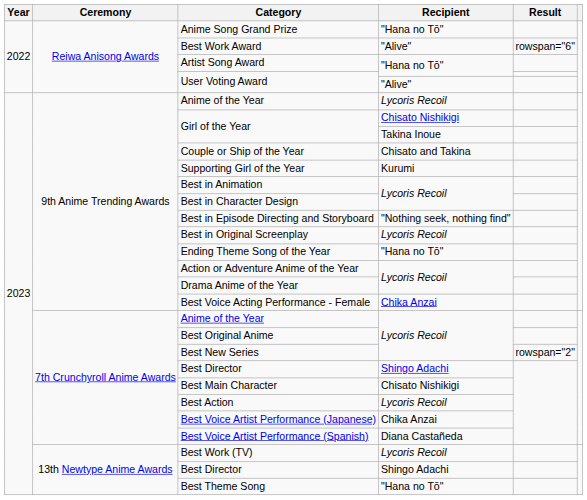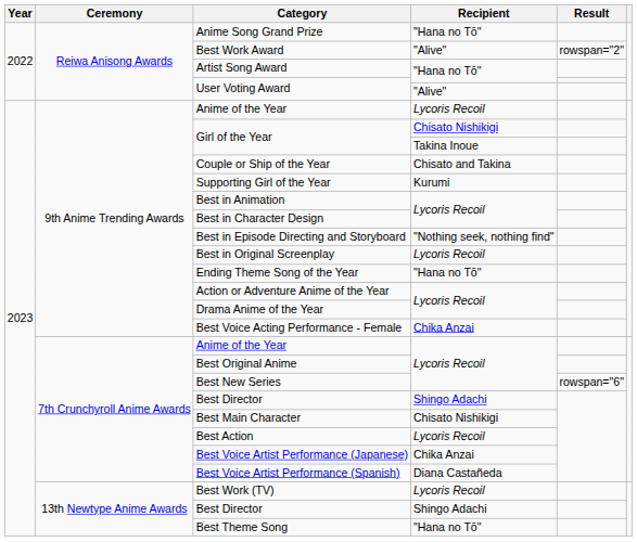 <table class="wikitable plainrowheaders sortable">
 <tr>
 <th scope="col">Year</th>
 <th scope="col">Ceremony</th>
 <th scope="col">Category</th>
 <th scope="col">Recipient</th>
 <th scope="col">Result</th>
 <th scope="col" class="unsortable"></th>
 </tr>
 <tr>
 <td rowspan="5" align="center">2022</td>
 <td rowspan="5" align="center"><a href='#'>Reiwa Anisong Awards</a></td>
 <td>Anime Song Grand Prize</td>
 <td>"Hana no Tō" </td>
 <td></td>
 <td rowspan="5" style="text-align:center;"></td>
 </tr>
 <tr>
 <td>Best Work Award</td>
 <td>"Alive" </td>
-<td>rowspan="6" </td>
+<td>rowspan="2" </td>
 </tr>
 <tr>
 <td>Artist Song Award</td>
 <td rowspan="2">"Hana no Tō" </td>
 </tr>
 <tr>
 <td rowspan="2">User Voting Award</td>
 <td></td>
 </tr>
 <tr>
 <td>"Alive" </td>
 <td></td>
 </tr>
 <tr>
 <td rowspan="25" align="center">2023</td>
 <td rowspan="13" align="center">9th Anime Trending Awards</td>
 <td>Anime of the Year</td>
 <td><em>Lycoris Recoil</em></td>
 <td></td>
 <td rowspan="13" style="text-align:center;"></td>
 </tr>
 <tr>
 <td rowspan="2">Girl of the Year</td>
 <td><a href='#'>Chisato Nishikigi</a></td>
 <td></td>
 </tr>
 <tr>
 <td>Takina Inoue</td>
 <td></td>
 </tr>
 <tr>
 <td>Couple or Ship of the Year</td>
 <td>Chisato and Takina</td>
 <td></td>
 </tr>
 <tr>
 <td>Supporting Girl of the Year</td>
 <td>Kurumi</td>
 <td></td>
 </tr>
 <tr>
 <td>Best in Animation</td>
 <td rowspan="2"><em>Lycoris Recoil</em></td>
 <td></td>
 </tr>
 <tr>
 <td>Best in Character Design</td>
 <td></td>
 </tr>
 <tr>
 <td>Best in Episode Directing and Storyboard</td>
 <td>"Nothing seek, nothing find"</td>
 <td></td>
 </tr>
 <tr>
 <td>Best in Original Screenplay</td>
 <td><em>Lycoris Recoil</em></td>
 <td></td>
 </tr>
 <tr>
 <td>Ending Theme Song of the Year</td>
 <td>"Hana no Tō" </td>
 <td></td>
 </tr>
 <tr>
 <td>Action or Adventure Anime of the Year</td>
 <td rowspan="2"><em>Lycoris Recoil</em></td>
 <td></td>
 </tr>
 <tr>
 <td>Drama Anime of the Year</td>
 <td></td>
 </tr>
 <tr>
 <td>Best Voice Acting Performance - Female</td>
 <td><a href='#'>Chika Anzai</a> </td>
 <td></td>
 </tr>
 <tr>
 <td rowspan="8" align="center"><a href='#'>7th Crunchyroll Anime Awards</a></td>
 <td><a href='#'>Anime of the Year</a></td>
 <td rowspan="3"><em>Lycoris Recoil</em></td>
 <td></td>
 <td rowspan="8" style="text-align:center;"></td>
 </tr>
 <tr>
 <td>Best Original Anime</td>
 <td></td>
 </tr>
 <tr>
 <td>Best New Series</td>
-<td>rowspan="2" </td>
+<td>rowspan="6" </td>
 </tr>
 <tr>
 <td>Best Director</td>
 <td><a href='#'>Shingo Adachi</a></td>
 </tr>
 <tr>
 <td>Best Main Character</td>
 <td>Chisato Nishikigi</td>
 </tr>
 <tr>
 <td>Best Action</td>
 <td><em>Lycoris Recoil</em></td>
 </tr>
 <tr>
 <td><a href='#'>Best Voice Artist Performance (Japanese)</a></td>
 <td>Chika Anzai </td>
 </tr>
 <tr>
 <td><a href='#'>Best Voice Artist Performance (Spanish)</a></td>
 <td>Diana Castañeda </td>
 </tr>
 <tr>
 <td rowspan="3" align="center">13th <a href='#'>Newtype Anime Awards</a></td>
 <td>Best Work (TV)</td>
 <td><em>Lycoris Recoil</em></td>
 <td></td>
 <td rowspan="3" style="text-align:center;"></td>
 </tr>
 <tr>
 <td>Best Director</td>
 <td>Shingo Adachi</td>
 <td></td>
 </tr>
 <tr>
 <td>Best Theme Song</td>
 <td>"Hana no Tō" </td>
 <td></td>
 </tr>
 </table>
